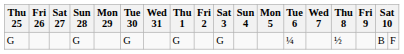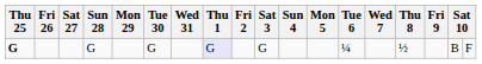 <table class="wikitable olympic-schedule handball">
 <tr>
 <th>Thu 25</th>
 <th>Fri 26</th>
 <th>Sat 27</th>
 <th>Sun 28</th>
 <th>Mon 29</th>
 <th>Tue 30</th>
 <th>Wed 31</th>
 <th>Thu 1</th>
 <th>Fri 2</th>
 <th>Sat 3</th>
 <th>Sun 4</th>
 <th>Mon 5</th>
 <th>Tue 6</th>
 <th>Wed 7</th>
 <th>Thu 8</th>
 <th>Fri 9</th>
 <th colspan="2">Sat 10</th>
 </tr>
 <tr>
-<td class="team-group">G</td>
+<td class="team-group"><strong>G</strong></td>
 <td></td>
 <td></td>
 <td class="team-group">G</td>
 <td></td>
 <td class="team-group">G</td>
 <td></td>
-<td class="team-group">G</td>
+<td class="team-group" style="background: lavender;">G</td>
 <td></td>
 <td class="team-group">G</td>
 <td></td>
 <td></td>
 <td class="team-qf">¼</td>
 <td></td>
 <td class="team-sf">½</td>
 <td></td>
 <td class="team-bronze">B</td>
 <td class="team-final">F</td>
 </tr>
 </table>
